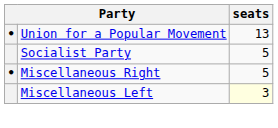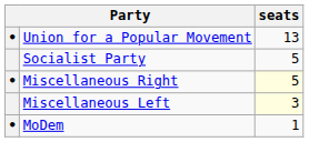 <table class="wikitable" style="font-size: 95%;">
 <tr>
 <th colspan=2>Party</th>
 <th>seats</th>
 </tr>
 <tr>
 <th style="background-color: "><span>•</span></th>
 <td><a href='#'>Union for a Popular Movement</a></td>
 <td align="right">13</td>
 </tr>
 <tr>
 <th style="background-color: "></th>
 <td><a href='#'>Socialist Party</a></td>
 <td align="right">5</td>
 </tr>
 <tr>
 <th style="background-color: "><span>•</span></th>
 <td><a href='#'>Miscellaneous Right</a></td>
-<td align="right">5</td>
+<td align="right" style="background: lightyellow;">5</td>
 </tr>
 <tr>
 <th style="background-color: "></th>
 <td><a href='#'>Miscellaneous Left</a></td>
 <td align="right" style="background: lightyellow;">3</td>
 </tr>
+<tr>
+<th style="background-color: "><span>•</span></th>
+<td><a href='#'>MoDem</a></td>
+<td align="right">1</td>
+</tr>
 </table>
